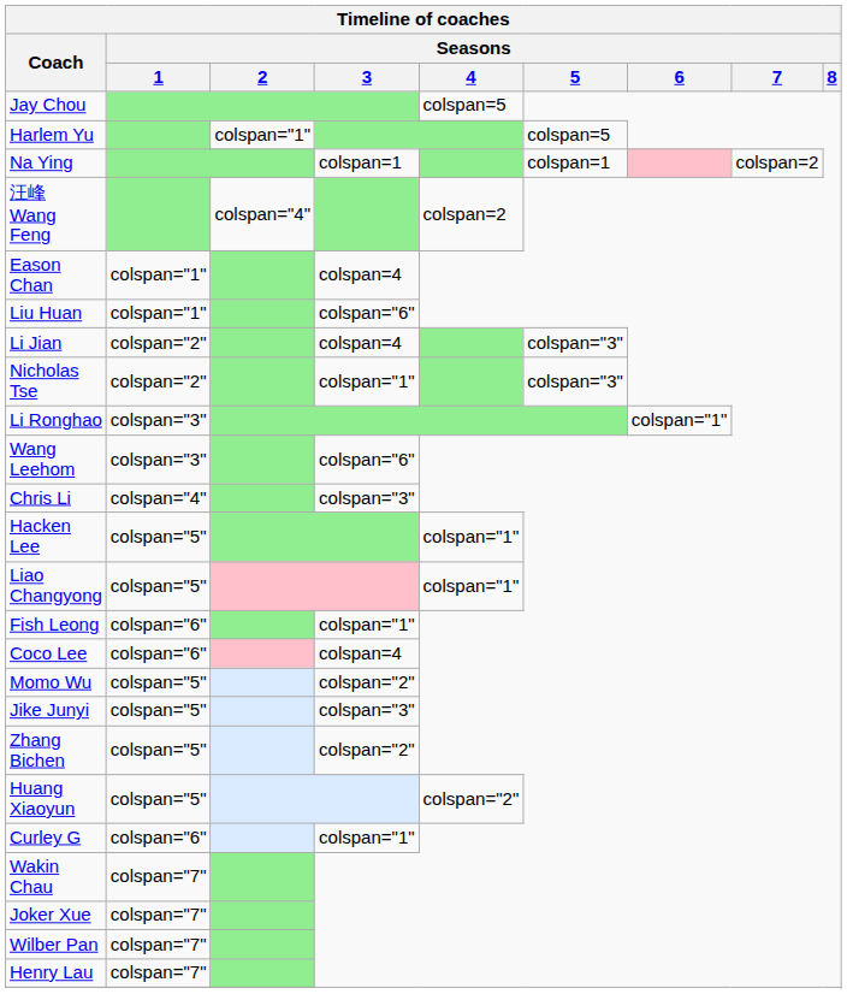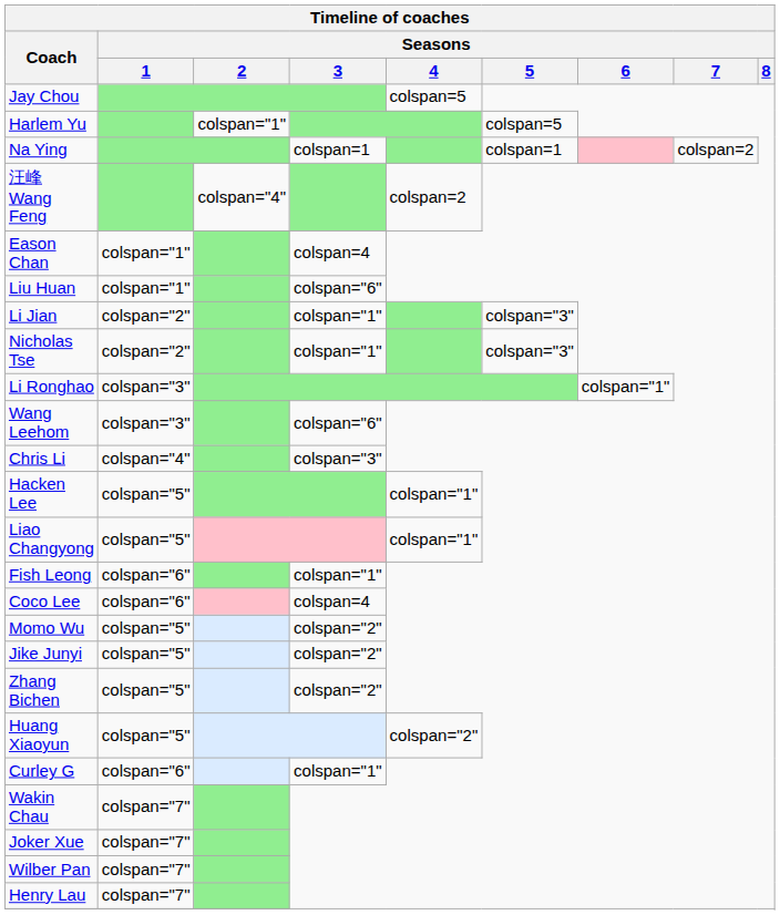 <table class="wikitable sortable mw-collapsible plainrowheaders collapsible" style="width:30%;">
 <tr>
 <th colspan="54">Timeline of coaches</th>
 </tr>
 <tr>
 <th rowspan="2" style="width:7%;">Coach</th>
 <th colspan="8">Seasons</th>
 </tr>
 <tr>
 <th style="width:5%;"><a href='#'>1</a></th>
 <th style="width:5%;"><a href='#'>2</a></th>
 <th style="width:5%;"><a href='#'>3</a></th>
 <th style="width:5%;"><a href='#'>4</a></th>
 <th style="width:5%;"><a href='#'>5</a></th>
 <th style="width:5%;"><a href='#'>6</a></th>
 <th style="width:5%;"><a href='#'>7</a></th>
 <th style="width:5%;"><a href='#'>8</a></th>
 </tr>
 <tr>
 <td><a href='#'>Jay Chou</a></td>
 <td colspan=3 style="background:#90ee90;"></td>
 <td>colspan=5 </td>
 </tr>
 <tr>
 <td><a href='#'>Harlem Yu</a></td>
 <td colspan=1 style="background:#90ee90;"></td>
 <td>colspan="1" </td>
 <td colspan=2 style="background:#90ee90;"></td>
 <td>colspan=5 </td>
 </tr>
 <tr>
 <td><a href='#'>Na Ying</a></td>
 <td colspan=2 style="background:#90ee90;"></td>
 <td>colspan=1 </td>
 <td colspan=1 style="background:#90ee90;"></td>
 <td>colspan=1 </td>
 <td style="background:pink"></td>
 <td>colspan=2 </td>
 </tr>
 <tr>
 <td><a href='#'>汪峰</a><br><a href='#'>Wang Feng</a></td>
 <td colspan=1 style="background:#90ee90;"></td>
 <td>colspan="4" </td>
 <td colspan=1 style="background:#90ee90;"></td>
 <td>colspan=2 </td>
 </tr>
 <tr>
 <td><a href='#'>Eason Chan</a></td>
 <td>colspan="1" </td>
 <td colspan=1 style="background:#90ee90;"></td>
 <td>colspan=4 </td>
 </tr>
 <tr>
 <td><a href='#'>Liu Huan</a></td>
 <td>colspan="1" </td>
 <td colspan=1 style="background:#90ee90;"></td>
 <td>colspan="6" </td>
 </tr>
 <tr>
 <td><a href='#'>Li Jian</a></td>
 <td>colspan="2" </td>
 <td colspan=1 style="background:#90ee90;"></td>
-<td>colspan=4 </td>
+<td>colspan="1" </td>
 <td colspan=1 style="background:#90ee90;"></td>
 <td>colspan="3" </td>
 </tr>
 <tr>
 <td><a href='#'>Nicholas Tse</a></td>
 <td>colspan="2" </td>
 <td colspan=1 style="background:#90ee90;"></td>
 <td>colspan="1" </td>
 <td colspan=1 style="background:#90ee90;"></td>
 <td>colspan="3" </td>
 </tr>
 <tr>
 <td><a href='#'>Li Ronghao</a></td>
 <td>colspan="3" </td>
 <td colspan=4 style="background:#90ee90;"></td>
 <td>colspan="1" </td>
 </tr>
 <tr>
 <td><a href='#'>Wang Leehom</a></td>
 <td>colspan="3" </td>
 <td colspan=1 style="background:#90ee90;"></td>
 <td>colspan="6" </td>
 </tr>
 <tr>
 <td><a href='#'>Chris Li</a></td>
 <td>colspan="4" </td>
 <td colspan=1 style="background:#90ee90;"></td>
 <td>colspan="3" </td>
 </tr>
 <tr>
 <td><a href='#'>Hacken Lee</a></td>
 <td>colspan="5" </td>
 <td colspan=2 style="background:#90ee90;"></td>
 <td>colspan="1" </td>
 </tr>
 <tr>
 <td><a href='#'>Liao Changyong</a></td>
 <td>colspan="5" </td>
 <td colspan=2 style="background:pink;"></td>
 <td>colspan="1" </td>
 </tr>
 <tr>
 <td><a href='#'>Fish Leong</a></td>
 <td>colspan="6" </td>
 <td colspan=1 style="background:#90ee90;"></td>
 <td>colspan="1" </td>
 </tr>
 <tr>
 <td><a href='#'>Coco Lee</a></td>
 <td>colspan="6" </td>
 <td colspan=1 style="background:pink"></td>
 <td>colspan=4 </td>
 </tr>
 <tr>
 <td><a href='#'>Momo Wu</a></td>
 <td>colspan="5" </td>
 <td colspan=1 style="background:#DAEBFF;"></td>
 <td>colspan="2" </td>
 </tr>
 <tr>
 <td><a href='#'>Jike Junyi</a></td>
 <td>colspan="5" </td>
 <td colspan=1 style="background:#DAEBFF;"></td>
-<td>colspan="3" </td>
+<td>colspan="2" </td>
 </tr>
 <tr>
 <td><a href='#'>Zhang Bichen</a></td>
 <td>colspan="5" </td>
 <td colspan=1 style="background:#DAEBFF;"></td>
 <td>colspan="2" </td>
 </tr>
 <tr>
 <td><a href='#'>Huang Xiaoyun</a></td>
 <td>colspan="5" </td>
 <td colspan=2 style="background:#DAEBFF;"></td>
 <td>colspan="2" </td>
 </tr>
 <tr>
 <td><a href='#'>Curley G</a></td>
 <td>colspan="6" </td>
 <td colspan=1 style="background:#DAEBFF;"></td>
 <td>colspan="1" </td>
 </tr>
 <tr>
 <td><a href='#'>Wakin Chau</a></td>
 <td>colspan="7" </td>
 <td colspan=1 style="background:#90ee90;"></td>
 </tr>
 <tr>
 <td><a href='#'>Joker Xue</a></td>
 <td>colspan="7" </td>
 <td colspan=1 style="background:#90ee90;"></td>
 </tr>
 <tr>
 <td><a href='#'>Wilber Pan</a></td>
 <td>colspan="7" </td>
 <td colspan=1 style="background:#90ee90;"></td>
 </tr>
 <tr>
 <td><a href='#'>Henry Lau</a></td>
 <td>colspan="7" </td>
 <td colspan=1 style="background:#90ee90;"></td>
 </tr>
 <tr>
 </tr>
 </table>
